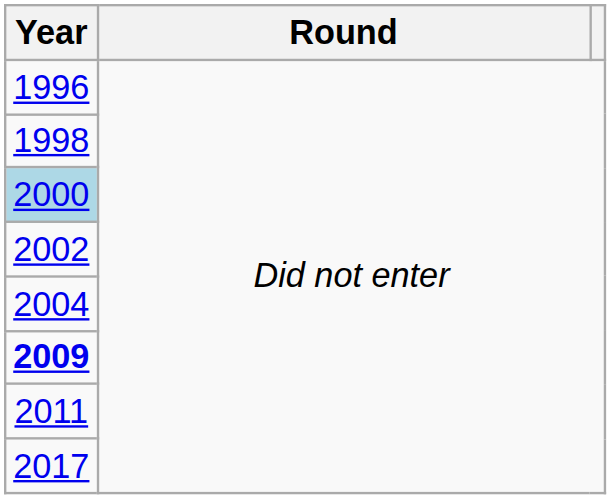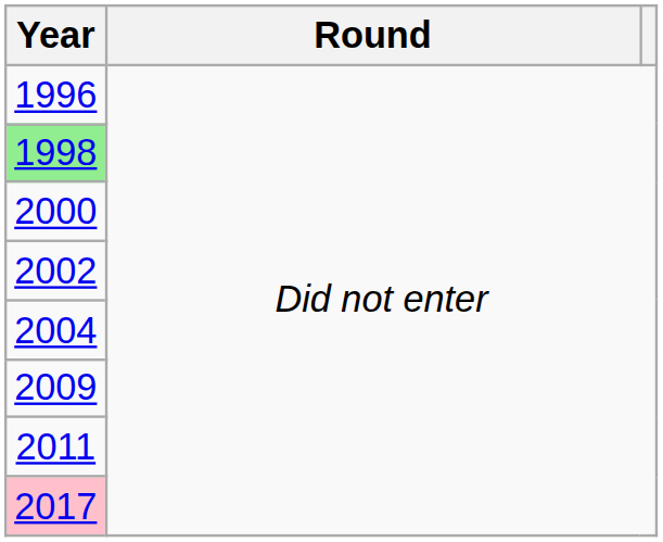 <table class="wikitable" style="text-align: center; font-size:90%">
 <tr>
 <th>Year</th>
 <th style="width:200px">Round</th>
 <th></th>
 </tr>
 <tr>
 <td><a href='#'>1996</a></td>
 <td colspan="2" rowspan="8"><em>Did not enter</em></td>
 </tr>
 <tr>
-<td><a href='#'>1998</a></td>
+<td style="background: lightgreen;"><a href='#'>1998</a></td>
 </tr>
 <tr>
-<td style="background: lightblue;"><a href='#'>2000</a></td>
+<td><a href='#'>2000</a></td>
 </tr>
 <tr>
 <td><a href='#'>2002</a></td>
 </tr>
 <tr>
 <td><a href='#'>2004</a></td>
 </tr>
 <tr>
-<td><strong><a href='#'>2009</a></strong></td>
+<td><a href='#'>2009</a></td>
 </tr>
 <tr>
 <td><a href='#'>2011</a></td>
 </tr>
 <tr>
-<td><a href='#'>2017</a></td>
+<td style="background: pink;"><a href='#'>2017</a></td>
 </tr>
 </table>
